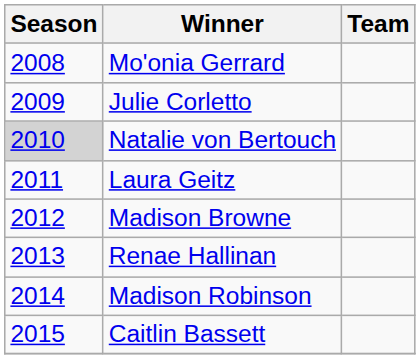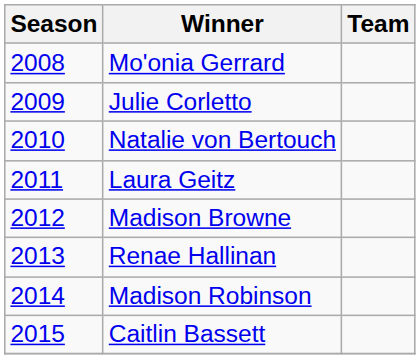 <table class="wikitable collapsible">
 <tr>
 <th>Season</th>
 <th>Winner</th>
 <th>Team</th>
 </tr>
 <tr>
 <td><a href='#'>2008</a></td>
 <td><a href='#'>Mo'onia Gerrard</a></td>
 <td></td>
 </tr>
 <tr>
 <td><a href='#'>2009</a></td>
 <td><a href='#'>Julie Corletto</a></td>
 <td></td>
 </tr>
 <tr>
-<td style="background: lightgrey;"><a href='#'>2010</a></td>
+<td><a href='#'>2010</a></td>
 <td><a href='#'>Natalie von Bertouch</a></td>
 <td></td>
 </tr>
 <tr>
 <td><a href='#'>2011</a></td>
 <td><a href='#'>Laura Geitz</a></td>
 <td></td>
 </tr>
 <tr>
 <td><a href='#'>2012</a></td>
 <td><a href='#'>Madison Browne</a></td>
 <td></td>
 </tr>
 <tr>
 <td><a href='#'>2013</a></td>
 <td><a href='#'>Renae Hallinan</a></td>
 <td></td>
 </tr>
 <tr>
 <td><a href='#'>2014</a></td>
 <td><a href='#'>Madison Robinson</a></td>
 <td></td>
 </tr>
 <tr>
 <td><a href='#'>2015</a></td>
 <td><a href='#'>Caitlin Bassett</a></td>
 <td></td>
 </tr>
 <tr>
 </tr>
 </table>
